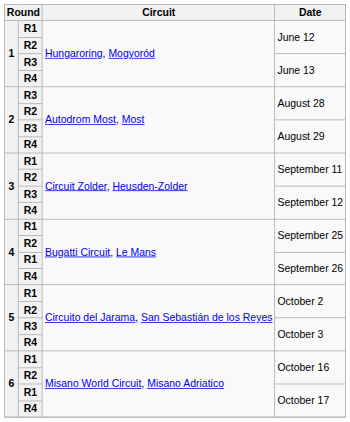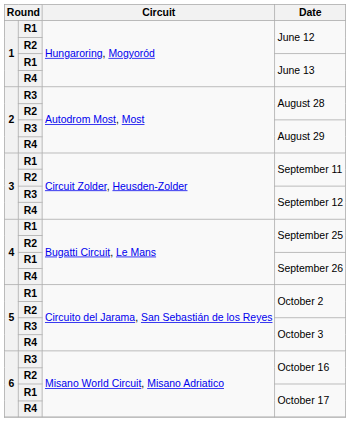 <table class="wikitable" style="font-size: 85%">
 <tr>
 <th colspan=2>Round</th>
 <th>Circuit</th>
 <th>Date</th>
 </tr>
 <tr>
 <th rowspan=4>1</th>
 <th>R1</th>
 <td rowspan=4> <a href='#'>Hungaroring</a>, <a href='#'>Mogyoród</a></td>
 <td rowspan=2>June 12</td>
 </tr>
 <tr>
 <th>R2</th>
 </tr>
 <tr>
-<th>R3</th>
+<th>R1</th>
 <td rowspan=2>June 13</td>
 </tr>
 <tr>
 <th>R4</th>
 </tr>
 <tr>
 <th rowspan=4>2</th>
 <th>R3</th>
 <td rowspan=4> <a href='#'>Autodrom Most</a>, <a href='#'>Most</a></td>
 <td rowspan=2>August 28</td>
 </tr>
 <tr>
 <th>R2</th>
 </tr>
 <tr>
 <th>R3</th>
 <td rowspan=2>August 29</td>
 </tr>
 <tr>
 <th>R4</th>
 </tr>
 <tr>
 <th rowspan=4>3</th>
 <th>R1</th>
 <td rowspan=4> <a href='#'>Circuit Zolder</a>, <a href='#'>Heusden-Zolder</a></td>
 <td rowspan=2>September 11</td>
 </tr>
 <tr>
 <th>R2</th>
 </tr>
 <tr>
 <th>R3</th>
 <td rowspan=2>September 12</td>
 </tr>
 <tr>
 <th>R4</th>
 </tr>
 <tr>
 <th rowspan=4>4</th>
 <th>R1</th>
 <td rowspan=4> <a href='#'>Bugatti Circuit</a>, <a href='#'>Le Mans</a></td>
 <td rowspan=2>September 25</td>
 </tr>
 <tr>
 <th>R2</th>
 </tr>
 <tr>
 <th>R1</th>
 <td rowspan=2>September 26</td>
 </tr>
 <tr>
 <th>R4</th>
 </tr>
 <tr>
 <th rowspan=4>5</th>
 <th>R1</th>
 <td rowspan=4> <a href='#'>Circuito del Jarama</a>, <a href='#'>San Sebastián de los Reyes</a></td>
 <td rowspan=2>October 2</td>
 </tr>
 <tr>
 <th>R2</th>
 </tr>
 <tr>
 <th>R3</th>
 <td rowspan=2>October 3</td>
 </tr>
 <tr>
 <th>R4</th>
 </tr>
 <tr>
 <th rowspan=4>6</th>
-<th>R1</th>
+<th>R3</th>
 <td rowspan=4> <a href='#'>Misano World Circuit</a>, <a href='#'>Misano Adriatico</a></td>
 <td rowspan=2>October 16</td>
 </tr>
 <tr>
 <th>R2</th>
 </tr>
 <tr>
 <th>R1</th>
 <td rowspan=2>October 17</td>
 </tr>
 <tr>
 <th>R4</th>
 </tr>
 <tr>
 </tr>
 </table>
